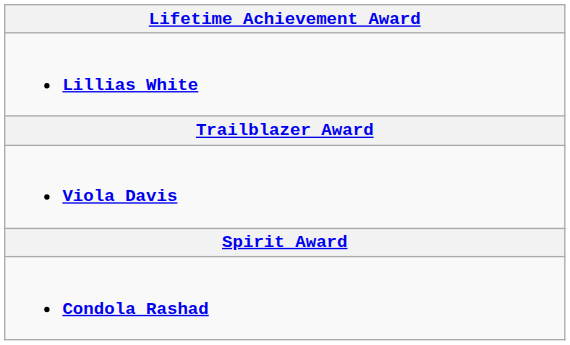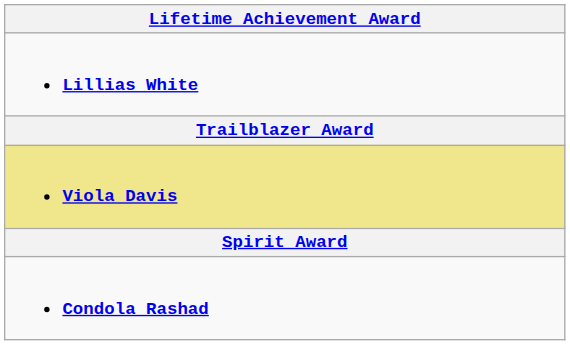 <table class="wikitable">
 <tr>
 <th style="width=50%"><a href='#'>Lifetime Achievement Award</a></th>
 </tr>
 <tr>
 <td width="50%" valign="top"><br><ul><li><strong><a href='#'>Lillias White</a></strong></li></ul></td>
 </tr>
 <tr>
 <th style="width=50%"><a href='#'>Trailblazer Award</a></th>
 </tr>
 <tr>
-<td valign="top" width="50%"><br><ul><li><strong><a href='#'>Viola Davis</a></strong></li></ul></td>
+<td valign="top" width="50%" style="background: khaki;"><br><ul><li><strong><a href='#'>Viola Davis</a></strong></li></ul></td>
 </tr>
 <tr>
 <th style="width=50%"><a href='#'>Spirit Award</a></th>
 </tr>
 <tr>
 <td valign="top" width="50%"><br><ul><li><strong><a href='#'>Condola Rashad</a></strong></li></ul></td>
 </tr>
 </table>
